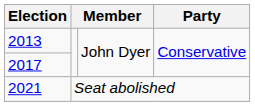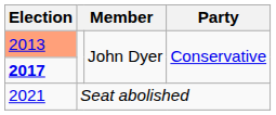 <table class="wikitable">
 <tr>
 <th>Election</th>
 <th colspan="2">Member</th>
 <th>Party</th>
 </tr>
 <tr>
-<td><a href='#'>2013</a></td>
+<td style="background: lightsalmon;"><a href='#'>2013</a></td>
 <td rowspan="2" style="background-color: "></td>
 <td rowspan="2">John Dyer</td>
 <td rowspan="2"><a href='#'>Conservative</a></td>
 </tr>
 <tr>
-<td><a href='#'>2017</a></td>
+<td><strong><a href='#'>2017</a></strong></td>
 </tr>
 <tr>
 <td><a href='#'>2021</a></td>
 <td colspan="3"><em>Seat abolished</em></td>
 </tr>
 </table>
